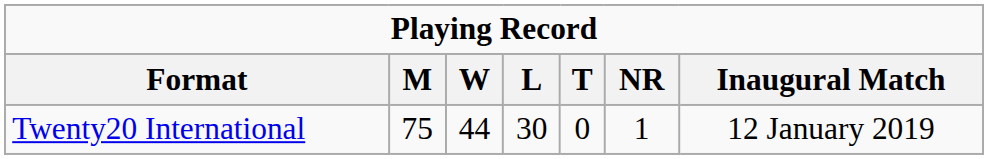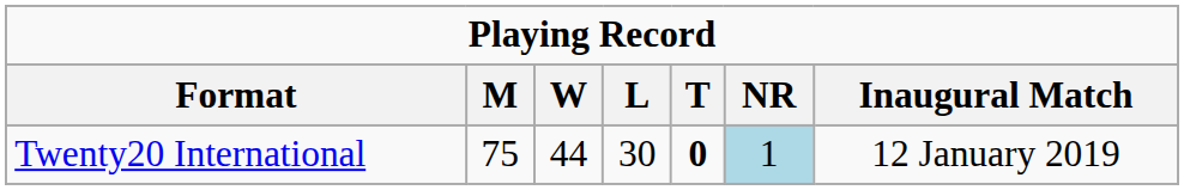 <table class="wikitable" style="text-align: center; width: 500px;">
 <tr>
 <td colspan=7 align="center"><strong>Playing Record</strong></td>
 </tr>
 <tr>
 <th>Format</th>
 <th>M</th>
 <th>W</th>
 <th>L</th>
 <th>T</th>
 <th>NR</th>
 <th>Inaugural Match</th>
 </tr>
 <tr>
 <td align="left"><a href='#'>Twenty20 International</a></td>
 <td>75</td>
 <td>44</td>
 <td>30</td>
-<td>0</td>
-<td>1</td>
+<td><strong>0</strong></td>
+<td style="background: lightblue;">1</td>
 <td>12 January 2019</td>
 </tr>
 </table>
